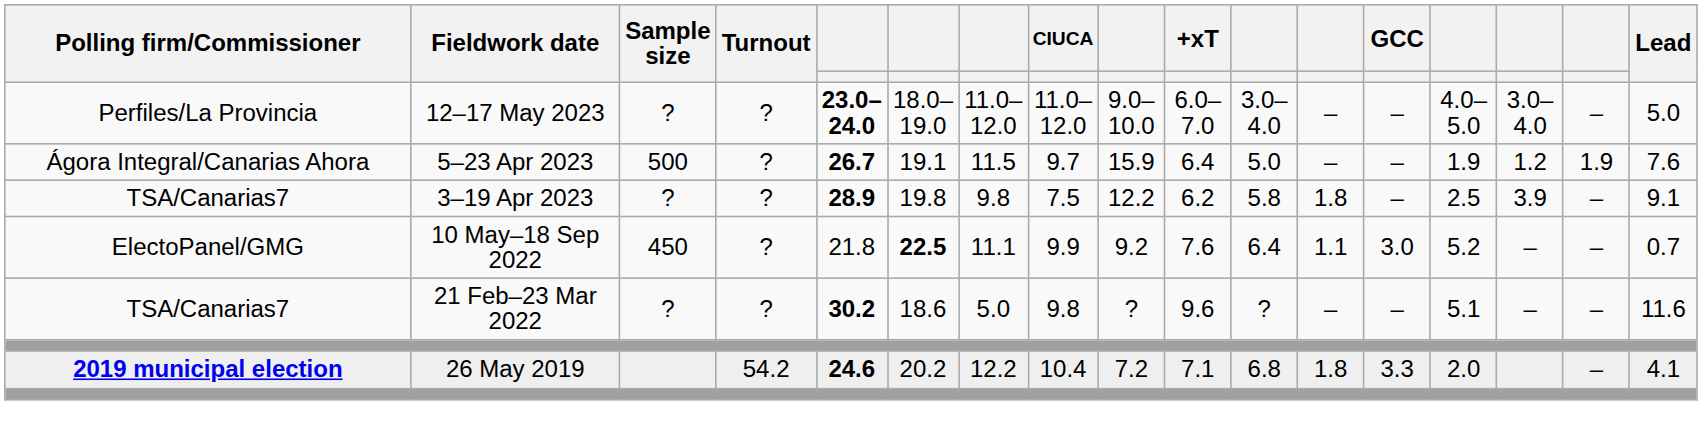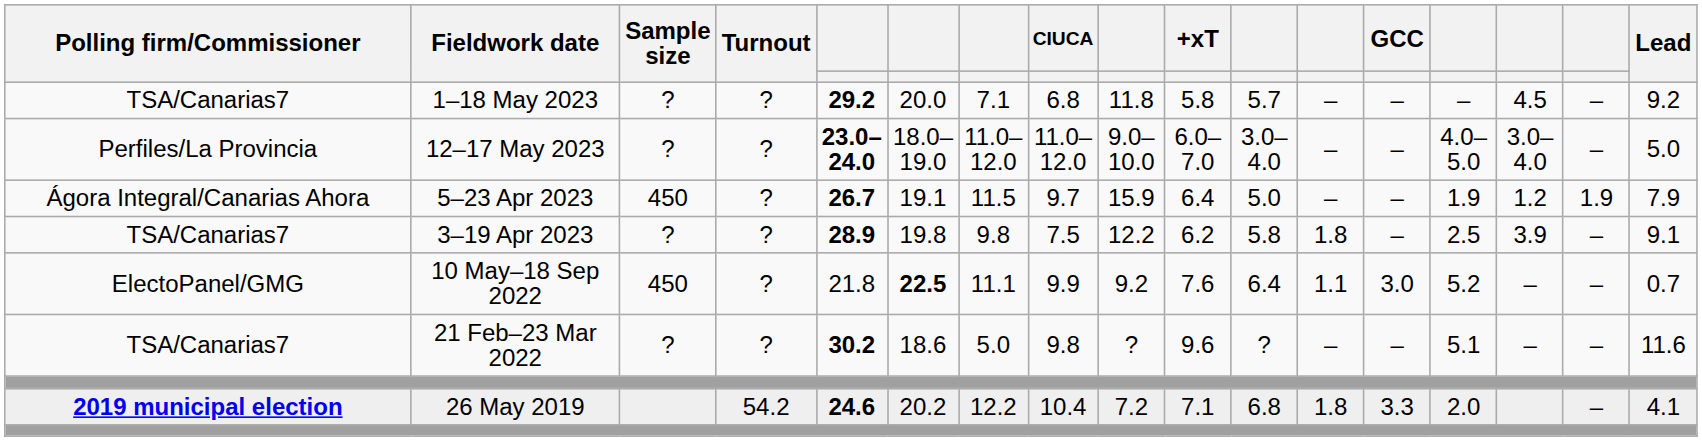 <table class="wikitable collapsible collapsed" style="text-align:center; font-size:95%; line-height:16px;">
 <tr style="height:42px;">
 <th style="width:250px;" rowspan="2">Polling firm/Commissioner</th>
 <th style="width:125px;" rowspan="2">Fieldwork date</th>
 <th style="width:50px;" rowspan="2">Sample size</th>
 <th style="width:45px;" rowspan="2">Turnout</th>
 <th style="width:35px;"></th>
 <th style="width:35px;"></th>
 <th style="width:35px;"></th>
 <th style="width:35px; font-size:80%;">CIUCA</th>
 <th style="width:35px;"></th>
 <th style="width:35px;">+xT</th>
 <th style="width:35px;"></th>
 <th style="width:35px;"></th>
 <th style="width:35px;">GCC</th>
 <th style="width:35px;"></th>
 <th style="width:35px;"></th>
 <th style="width:35px;"></th>
 <th style="width:30px;" rowspan="2">Lead</th>
 </tr>
 <tr>
 <th style="color:inherit;background:"></th>
 <th style="color:inherit;background:"></th>
 <th style="color:inherit;background:"></th>
 <th style="color:inherit;background:"></th>
 <th style="color:inherit;background:"></th>
 <th style="color:inherit;background:"></th>
 <th style="color:inherit;background:"></th>
 <th style="color:inherit;background:"></th>
 <th style="color:inherit;background:"></th>
 <th style="color:inherit;background:"></th>
 <th style="color:inherit;background:"></th>
 <th style="color:inherit;background:"></th>
 </tr>
 <tr>
+<td>TSA/Canarias7</td>
+<td>1–18 May 2023</td>
+<td>?</td>
+<td>?</td>
+<td><strong>29.2</strong><br></td>
+<td>20.0<br></td>
+<td>7.1<br></td>
+<td>6.8<br></td>
+<td>11.8<br></td>
+<td>5.8<br></td>
+<td>5.7<br></td>
+<td>–</td>
+<td>–</td>
+<td>–</td>
+<td>4.5<br></td>
+<td>–</td>
+<td style="background:">9.2</td>
+</tr>
+<tr>
 <td>Perfiles/La Provincia</td>
 <td>12–17 May 2023</td>
 <td>?</td>
 <td>?</td>
 <td><strong>23.0–<br>24.0</strong><br></td>
 <td>18.0–<br>19.0<br></td>
 <td>11.0–<br>12.0<br></td>
 <td>11.0–<br>12.0<br></td>
 <td>9.0–<br>10.0<br></td>
 <td>6.0–<br>7.0<br></td>
 <td>3.0–<br>4.0<br></td>
 <td>–</td>
 <td>–</td>
 <td>4.0–<br>5.0<br></td>
 <td>3.0–<br>4.0<br></td>
 <td>–</td>
 <td style="background:">5.0</td>
 </tr>
 <tr>
 <td>Ágora Integral/Canarias Ahora</td>
 <td>5–23 Apr 2023</td>
-<td>500</td>
+<td>450</td>
 <td>?</td>
 <td><strong>26.7</strong><br></td>
 <td>19.1<br></td>
 <td>11.5<br></td>
 <td>9.7<br></td>
 <td>15.9<br></td>
 <td>6.4<br></td>
 <td>5.0<br></td>
 <td>–</td>
 <td>–</td>
 <td>1.9<br></td>
 <td>1.2<br></td>
 <td>1.9<br></td>
-<td style="background:">7.6</td>
+<td style="background:">7.9</td>
 </tr>
 <tr>
 <td>TSA/Canarias7</td>
 <td>3–19 Apr 2023</td>
 <td>?</td>
 <td>?</td>
 <td><strong>28.9</strong><br></td>
 <td>19.8<br></td>
 <td>9.8<br></td>
 <td>7.5<br></td>
 <td>12.2<br></td>
 <td>6.2<br></td>
 <td>5.8<br></td>
 <td>1.8<br></td>
 <td>–</td>
 <td>2.5<br></td>
 <td>3.9<br></td>
 <td>–</td>
 <td style="background:">9.1</td>
 </tr>
 <tr>
 <td>ElectoPanel/GMG</td>
 <td>10 May–18 Sep 2022</td>
 <td>450</td>
 <td>?</td>
 <td>21.8<br></td>
 <td><strong>22.5</strong><br></td>
 <td>11.1<br></td>
 <td>9.9<br></td>
 <td>9.2<br></td>
 <td>7.6<br></td>
 <td>6.4<br></td>
 <td>1.1<br></td>
 <td>3.0<br></td>
 <td>5.2<br></td>
 <td>–</td>
 <td>–</td>
 <td style="background:">0.7</td>
 </tr>
 <tr>
 <td>TSA/Canarias7</td>
 <td>21 Feb–23 Mar 2022</td>
 <td>?</td>
 <td>?</td>
 <td><strong>30.2</strong><br></td>
 <td>18.6<br></td>
 <td>5.0<br></td>
 <td>9.8<br></td>
 <td>?<br></td>
 <td>9.6<br></td>
 <td>?<br></td>
 <td>–</td>
 <td>–</td>
 <td>5.1<br></td>
 <td>–</td>
 <td>–</td>
 <td style="background:">11.6</td>
 </tr>
 <tr>
 <td colspan="17" style="background:#A0A0A0"></td>
 </tr>
 <tr style="background:#EFEFEF;">
 <td><strong><a href='#'>2019 municipal election</a></strong></td>
 <td>26 May 2019</td>
 <td></td>
 <td>54.2</td>
 <td><strong>24.6</strong><br></td>
 <td>20.2<br></td>
 <td>12.2<br></td>
 <td>10.4<br></td>
 <td>7.2<br></td>
 <td>7.1<br></td>
 <td>6.8<br></td>
 <td>1.8<br></td>
 <td>3.3<br></td>
 <td>2.0<br></td>
 <td></td>
 <td>–</td>
 <td style="background:">4.1</td>
 </tr>
 <tr>
 <td colspan="17" style="background:#A0A0A0"></td>
 </tr>
 </table>
